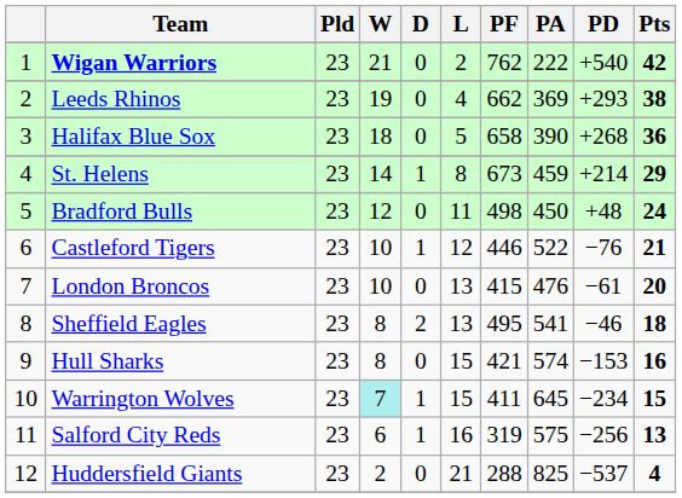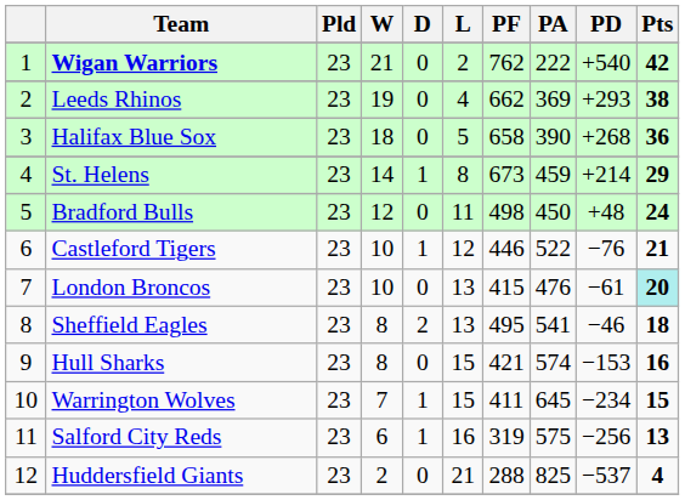 <table class="wikitable" style="text-align:center;">
 <tr>
 <th width=20 abbr="Position"></th>
 <th width=175>Team</th>
 <th width=20 abbr="Played">Pld</th>
 <th width=20 abbr="Won">W</th>
 <th width=20 abbr="Drawn">D</th>
 <th width=20 abbr="Lost">L</th>
 <th width=20 abbr="Points for">PF</th>
 <th width=20 abbr="Points against">PA</th>
 <th width=20 abbr="Points difference">PD</th>
 <th width=20 abbr="Points">Pts</th>
 </tr>
 <tr --->
 </tr>
 <tr style="background:#ccffcc;">
 <td>1</td>
 <td style="text-align:left;"> <strong><a href='#'>Wigan Warriors</a></strong></td>
 <td>23</td>
 <td>21</td>
 <td>0</td>
 <td>2</td>
 <td>762</td>
 <td>222</td>
 <td>+540</td>
 <td><strong>42</strong></td>
 </tr>
 <tr --->
 </tr>
 <tr style="background:#ccffcc;">
 <td>2</td>
 <td style="text-align:left"> <a href='#'>Leeds Rhinos</a></td>
 <td>23</td>
 <td>19</td>
 <td>0</td>
 <td>4</td>
 <td>662</td>
 <td>369</td>
 <td>+293</td>
 <td><strong>38</strong></td>
 </tr>
 <tr --->
 </tr>
 <tr style="background:#ccffcc;">
 <td>3</td>
 <td style="text-align:left"> <a href='#'>Halifax Blue Sox</a></td>
 <td>23</td>
 <td>18</td>
 <td>0</td>
 <td>5</td>
 <td>658</td>
 <td>390</td>
 <td>+268</td>
 <td><strong>36</strong></td>
 </tr>
 <tr --->
 </tr>
 <tr style="background:#ccffcc;">
 <td>4</td>
 <td style="text-align:left;"> <a href='#'>St. Helens</a></td>
 <td>23</td>
 <td>14</td>
 <td>1</td>
 <td>8</td>
 <td>673</td>
 <td>459</td>
 <td>+214</td>
 <td><strong>29</strong></td>
 </tr>
 <tr --->
 </tr>
 <tr style="background:#ccffcc;">
 <td>5</td>
 <td style="text-align:left;"> <a href='#'>Bradford Bulls</a></td>
 <td>23</td>
 <td>12</td>
 <td>0</td>
 <td>11</td>
 <td>498</td>
 <td>450</td>
 <td>+48</td>
 <td><strong>24</strong></td>
 </tr>
 <tr>
 <td>6</td>
 <td style="text-align:left;"> <a href='#'>Castleford Tigers</a></td>
 <td>23</td>
 <td>10</td>
 <td>1</td>
 <td>12</td>
 <td>446</td>
 <td>522</td>
 <td>−76</td>
 <td><strong>21</strong></td>
 </tr>
 <tr>
 <td>7</td>
 <td style="text-align:left;"><a href='#'>London Broncos</a></td>
 <td>23</td>
 <td>10</td>
 <td>0</td>
 <td>13</td>
 <td>415</td>
 <td>476</td>
 <td>−61</td>
-<td><strong>20</strong></td>
+<td style="background: paleturquoise;"><strong>20</strong></td>
 </tr>
 <tr>
 <td>8</td>
 <td style="text-align:left;"> <a href='#'>Sheffield Eagles</a></td>
 <td>23</td>
 <td>8</td>
 <td>2</td>
 <td>13</td>
 <td>495</td>
 <td>541</td>
 <td>−46</td>
 <td><strong>18</strong></td>
 </tr>
 <tr>
 <td>9</td>
 <td style="text-align:left;"> <a href='#'>Hull Sharks</a></td>
 <td>23</td>
 <td>8</td>
 <td>0</td>
 <td>15</td>
 <td>421</td>
 <td>574</td>
 <td>−153</td>
 <td><strong>16</strong></td>
 </tr>
 <tr>
 <td>10</td>
 <td style="text-align:left;"> <a href='#'>Warrington Wolves</a></td>
 <td>23</td>
-<td style="background: paleturquoise;">7</td>
+<td>7</td>
 <td>1</td>
 <td>15</td>
 <td>411</td>
 <td>645</td>
 <td>−234</td>
 <td><strong>15</strong></td>
 </tr>
 <tr>
 <td>11</td>
 <td style="text-align:left;"> <a href='#'>Salford City Reds</a></td>
 <td>23</td>
 <td>6</td>
 <td>1</td>
 <td>16</td>
 <td>319</td>
 <td>575</td>
 <td>−256</td>
 <td><strong>13</strong></td>
 </tr>
 <tr>
 <td>12</td>
 <td style="text-align:left;"> <a href='#'>Huddersfield Giants</a></td>
 <td>23</td>
 <td>2</td>
 <td>0</td>
 <td>21</td>
 <td>288</td>
 <td>825</td>
 <td>−537</td>
 <td><strong>4</strong></td>
 </tr>
 <tr>
 </tr>
 </table>
